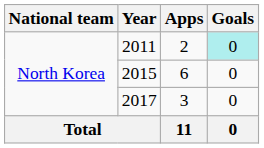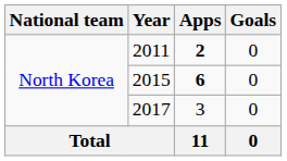 <table class="wikitable" style="text-align:center">
 <tr>
 <th>National team</th>
 <th>Year</th>
 <th>Apps</th>
 <th>Goals</th>
 </tr>
 <tr>
 <td rowspan="3"><a href='#'>North Korea</a></td>
 <td>2011</td>
-<td>2</td>
-<td style="background: paleturquoise;">0</td>
+<td><strong>2</strong></td>
+<td>0</td>
 </tr>
 <tr>
 <td>2015</td>
-<td>6</td>
+<td><strong>6</strong></td>
 <td>0</td>
 </tr>
 <tr>
 <td>2017</td>
 <td>3</td>
 <td>0</td>
 </tr>
 <tr>
 <th colspan="2">Total</th>
 <th>11</th>
 <th>0</th>
 </tr>
 </table>
